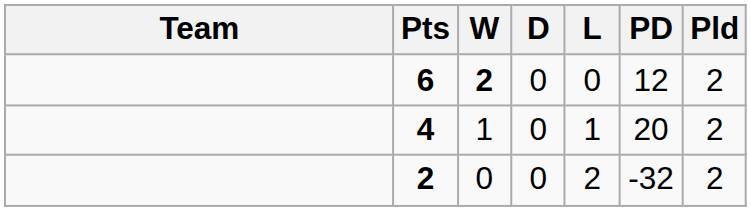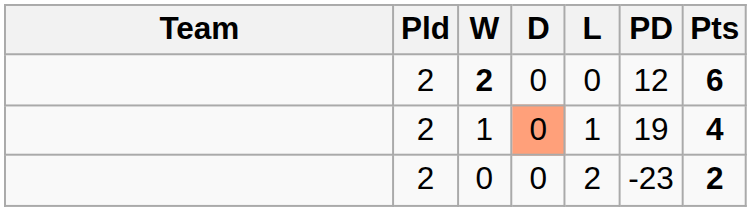 <table class="wikitable" style="text-align:center;">
 <tr>
 <th width="190">Team</th>
-<th width="20" abbr="Points">Pts</th>
+<th width="20" abbr="Played">Pld</th>
 <th width="20" abbr="Won">W</th>
 <th width="20" abbr="Drawn">D</th>
 <th width="20" abbr="Lost">L</th>
 <th width="25" abbr="Points difference">PD</th>
-<th width="20" abbr="Played">Pld</th>
+<th width="20" abbr="Points">Pts</th>
 </tr>
 <tr>
 <td align="left"></td>
-<td><strong>6</strong></td>
+<td>2</td>
 <td><strong>2</strong></td>
 <td>0</td>
 <td>0</td>
 <td>12</td>
-<td>2</td>
+<td><strong>6</strong></td>
 </tr>
 <tr>
 <td align="left"></td>
+<td>2</td>
+<td>1</td>
+<td style="background: lightsalmon;">0</td>
+<td>1</td>
+<td>19</td>
 <td><strong>4</strong></td>
-<td>1</td>
-<td>0</td>
-<td>1</td>
-<td>20</td>
-<td>2</td>
 </tr>
 <tr>
 <td align="left"></td>
-<td><strong>2</strong></td>
+<td>2</td>
 <td>0</td>
 <td>0</td>
 <td>2</td>
-<td>-32</td>
-<td>2</td>
+<td>-23</td>
+<td><strong>2</strong></td>
 </tr>
 </table>
